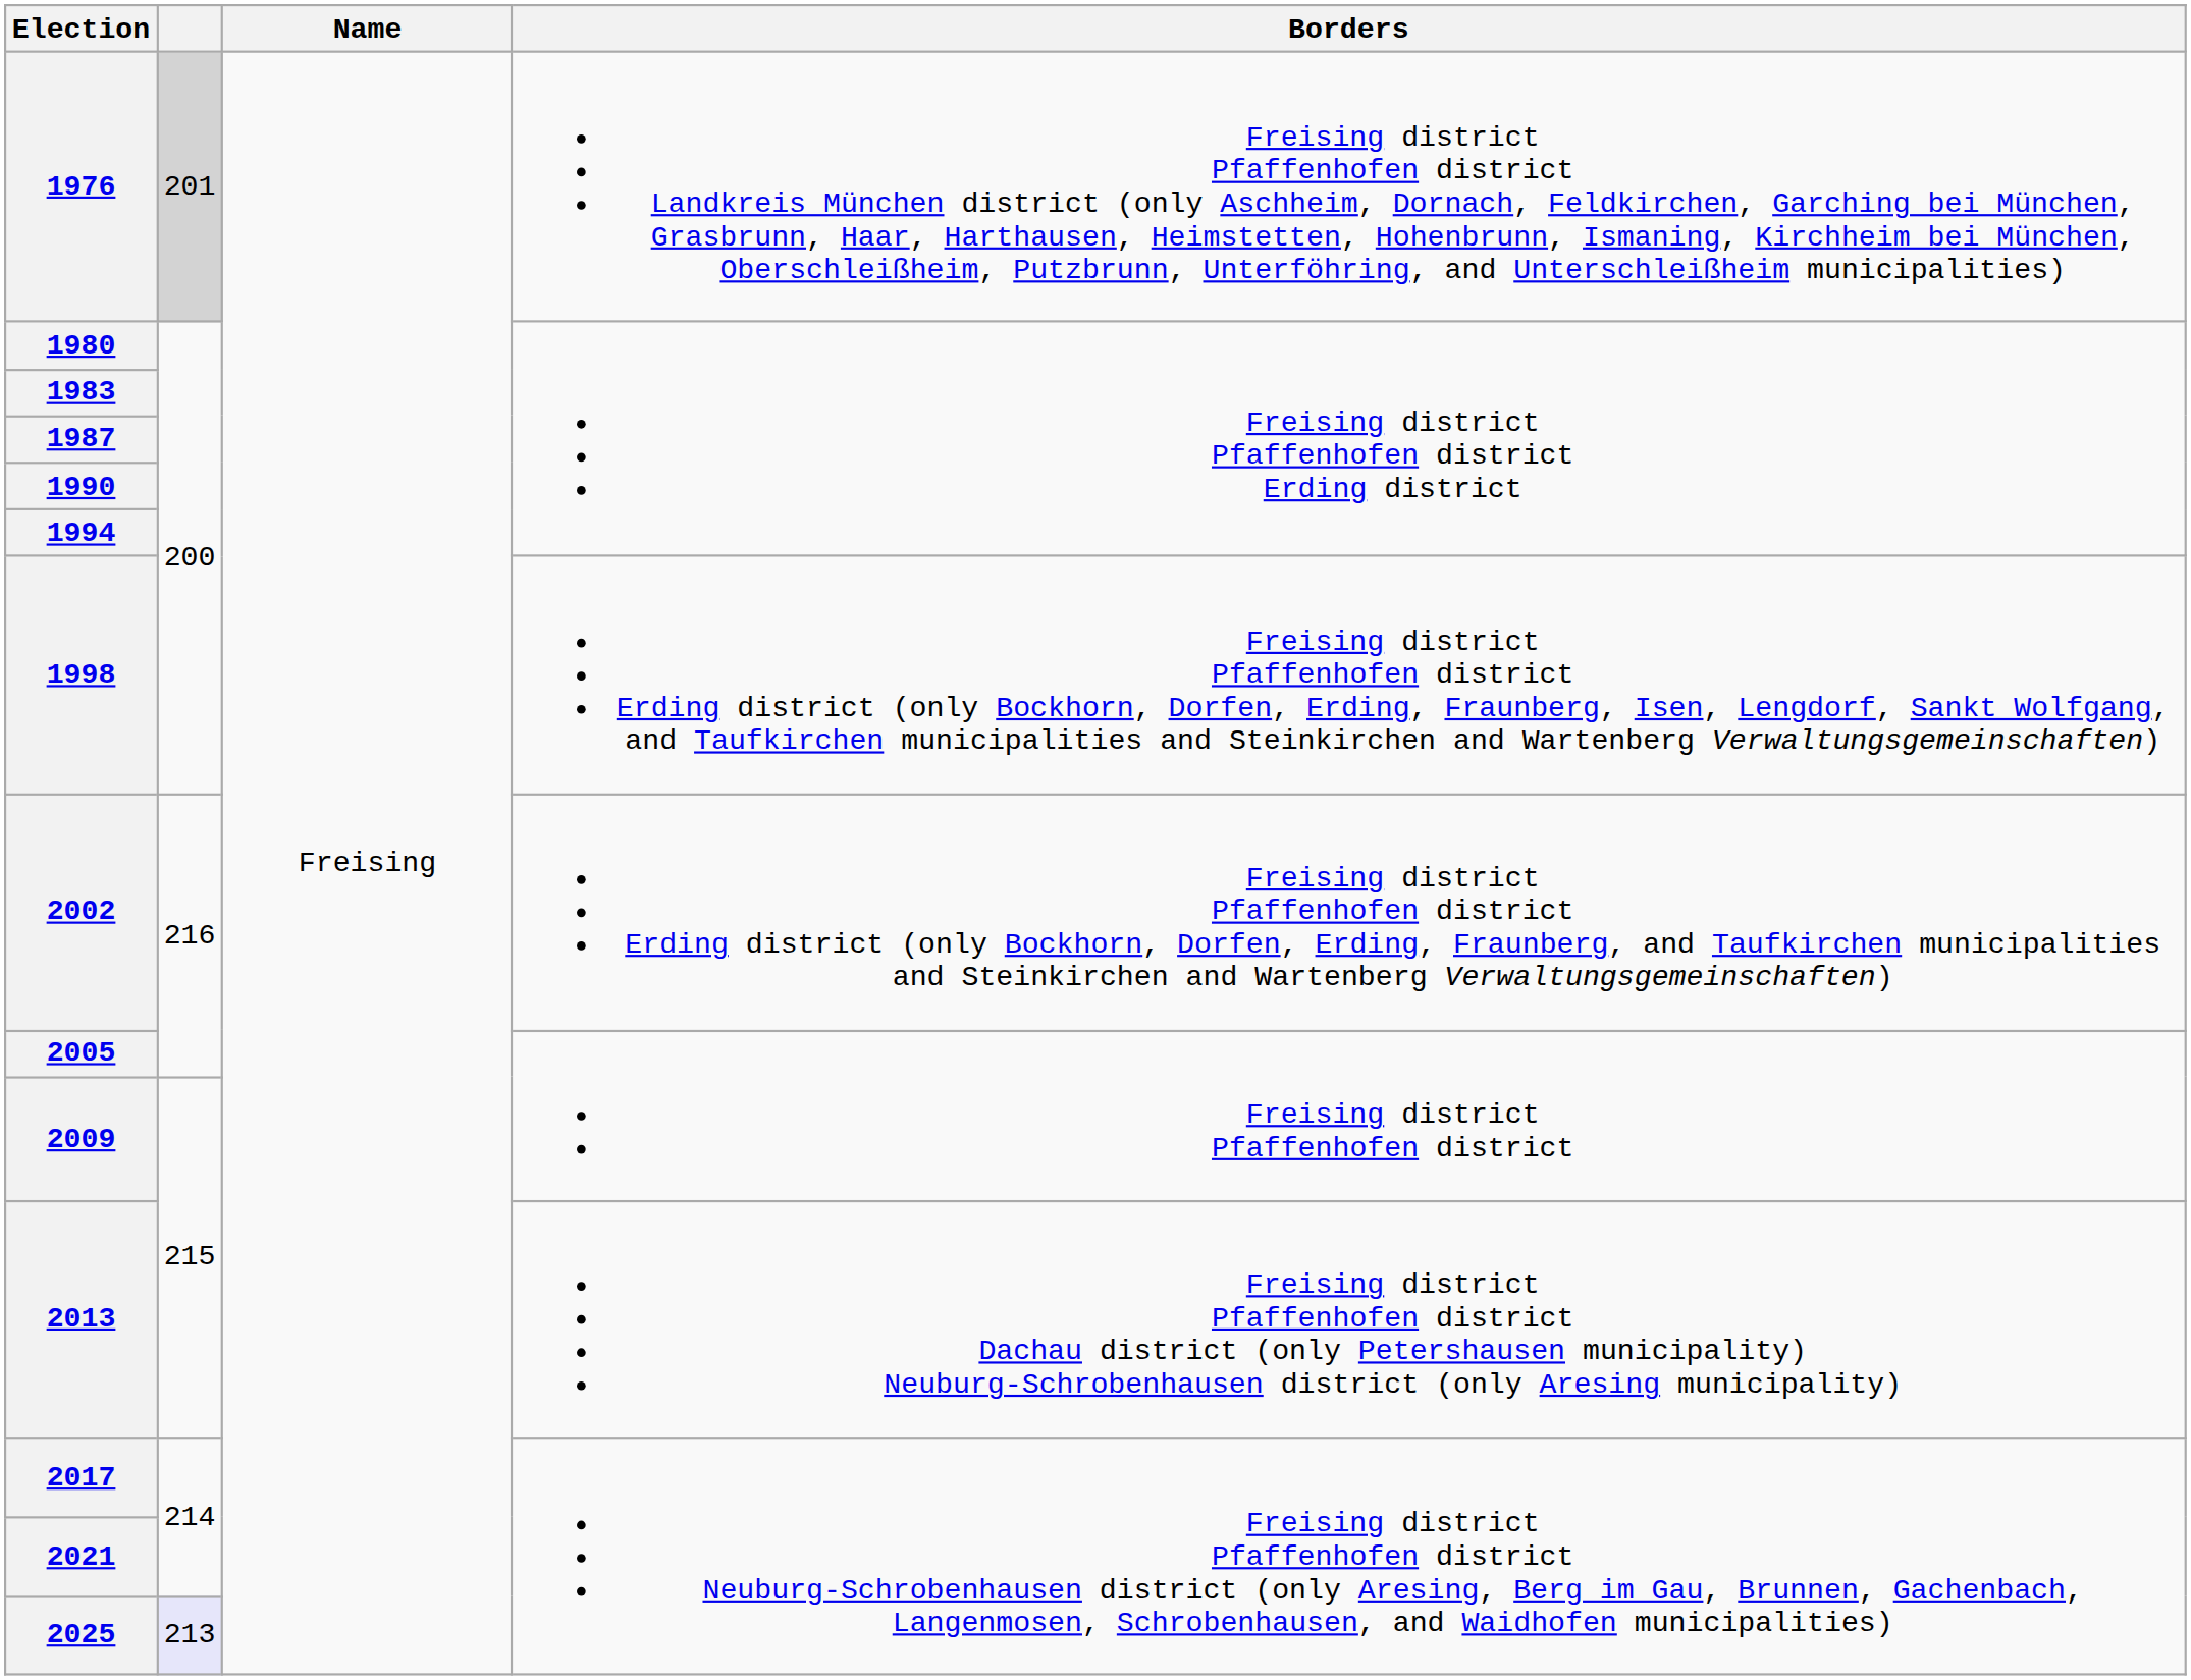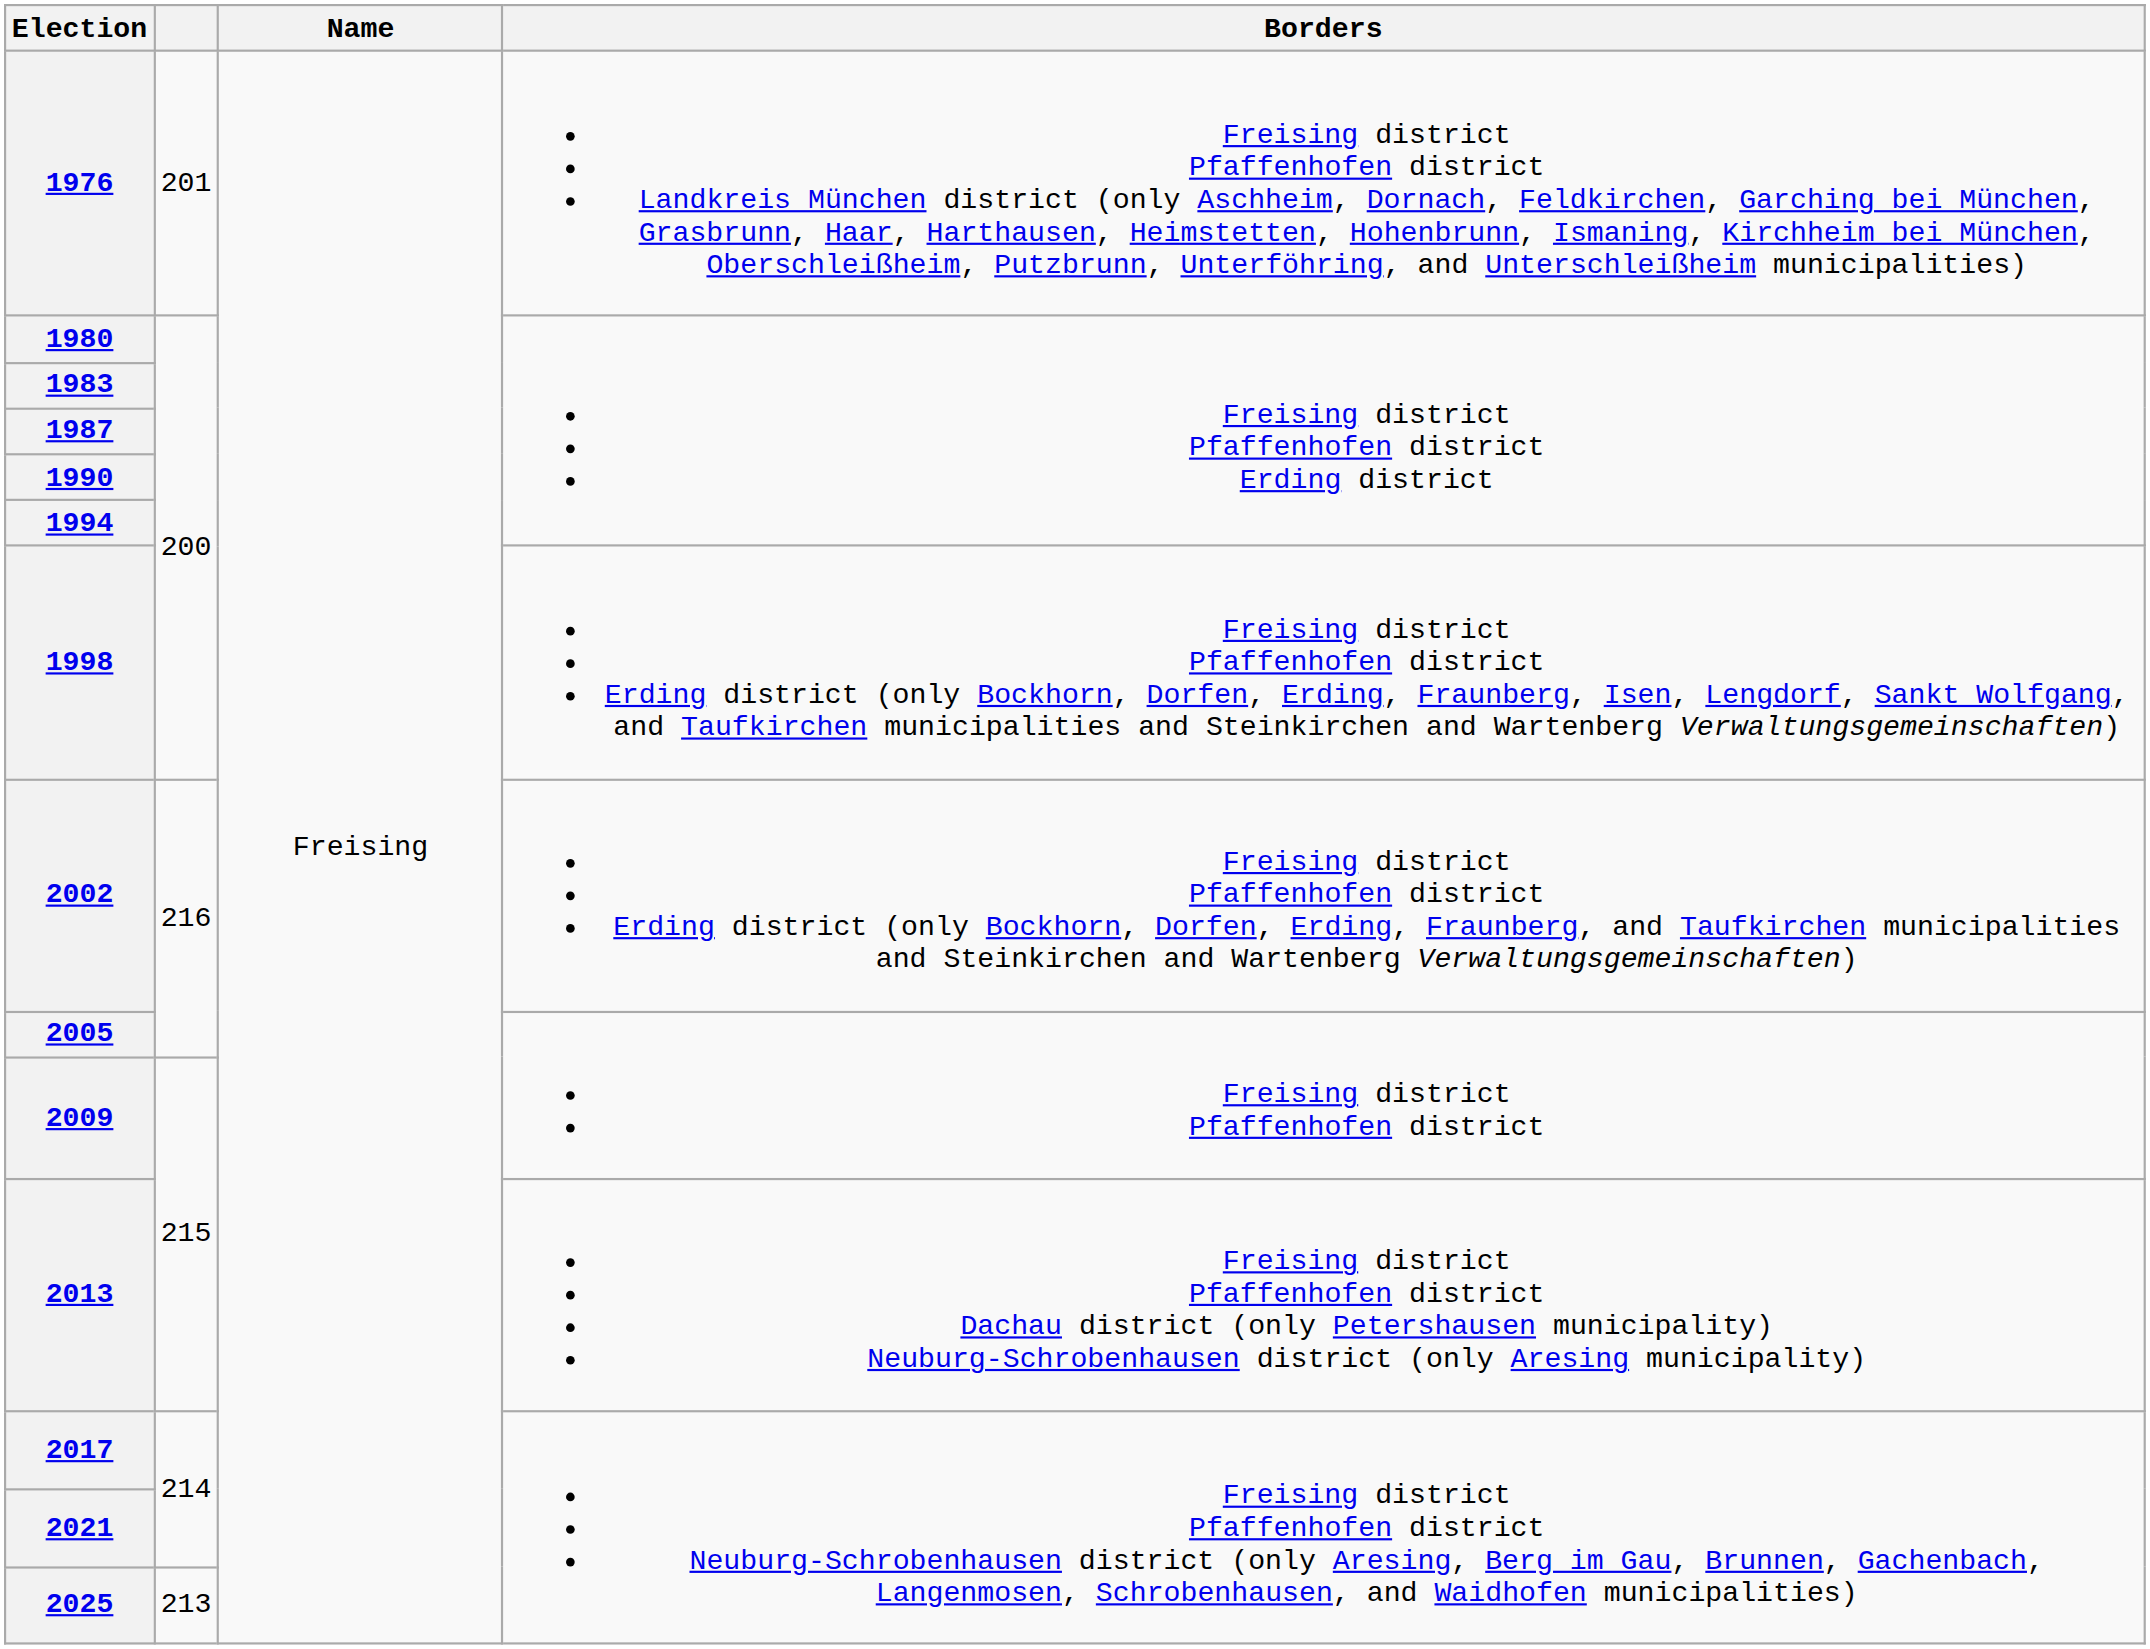 <table class=wikitable style="text-align:center">
 <tr>
 <th>Election</th>
 <th></th>
 <th width=125px>Name</th>
 <th width=750px>Borders</th>
 </tr>
 <tr>
 <th><a href='#'>1976</a></th>
-<td style="background: lightgrey;">201</td>
+<td>201</td>
 <td rowspan=14>Freising</td>
 <td><br><ul><li><a href='#'>Freising</a> district</li><li><a href='#'>Pfaffenhofen</a> district</li><li><a href='#'>Landkreis München</a> district (only <a href='#'>Aschheim</a>, <a href='#'>Dornach</a>, <a href='#'>Feldkirchen</a>, <a href='#'>Garching bei München</a>, <a href='#'>Grasbrunn</a>, <a href='#'>Haar</a>, <a href='#'>Harthausen</a>, <a href='#'>Heimstetten</a>, <a href='#'>Hohenbrunn</a>, <a href='#'>Ismaning</a>, <a href='#'>Kirchheim bei München</a>, <a href='#'>Oberschleißheim</a>, <a href='#'>Putzbrunn</a>, <a href='#'>Unterföhring</a>, and <a href='#'>Unterschleißheim</a> municipalities)</li></ul></td>
 </tr>
 <tr>
 <th><a href='#'>1980</a></th>
 <td rowspan=6>200</td>
 <td rowspan=5><br><ul><li><a href='#'>Freising</a> district</li><li><a href='#'>Pfaffenhofen</a> district</li><li><a href='#'>Erding</a> district</li></ul></td>
 </tr>
 <tr>
 <th><a href='#'>1983</a></th>
 </tr>
 <tr>
 <th><a href='#'>1987</a></th>
 </tr>
 <tr>
 <th><a href='#'>1990</a></th>
 </tr>
 <tr>
 <th><a href='#'>1994</a></th>
 </tr>
 <tr>
 <th><a href='#'>1998</a></th>
 <td><br><ul><li><a href='#'>Freising</a> district</li><li><a href='#'>Pfaffenhofen</a> district</li><li><a href='#'>Erding</a> district (only <a href='#'>Bockhorn</a>, <a href='#'>Dorfen</a>, <a href='#'>Erding</a>, <a href='#'>Fraunberg</a>, <a href='#'>Isen</a>, <a href='#'>Lengdorf</a>, <a href='#'>Sankt Wolfgang</a>, and <a href='#'>Taufkirchen</a> municipalities and Steinkirchen and Wartenberg <em>Verwaltungsgemeinschaften</em>)</li></ul></td>
 </tr>
 <tr>
 <th><a href='#'>2002</a></th>
 <td rowspan=2>216</td>
 <td><br><ul><li><a href='#'>Freising</a> district</li><li><a href='#'>Pfaffenhofen</a> district</li><li><a href='#'>Erding</a> district (only <a href='#'>Bockhorn</a>, <a href='#'>Dorfen</a>, <a href='#'>Erding</a>, <a href='#'>Fraunberg</a>, and <a href='#'>Taufkirchen</a> municipalities and Steinkirchen and Wartenberg <em>Verwaltungsgemeinschaften</em>)</li></ul></td>
 </tr>
 <tr>
 <th><a href='#'>2005</a></th>
 <td rowspan=2><br><ul><li><a href='#'>Freising</a> district</li><li><a href='#'>Pfaffenhofen</a> district</li></ul></td>
 </tr>
 <tr>
 <th><a href='#'>2009</a></th>
 <td rowspan=2>215</td>
 </tr>
 <tr>
 <th><a href='#'>2013</a></th>
 <td><br><ul><li><a href='#'>Freising</a> district</li><li><a href='#'>Pfaffenhofen</a> district</li><li><a href='#'>Dachau</a> district (only <a href='#'>Petershausen</a> municipality)</li><li><a href='#'>Neuburg-Schrobenhausen</a> district (only <a href='#'>Aresing</a> municipality)</li></ul></td>
 </tr>
 <tr>
 <th><a href='#'>2017</a></th>
 <td rowspan=2>214</td>
 <td rowspan=3><br><ul><li><a href='#'>Freising</a> district</li><li><a href='#'>Pfaffenhofen</a> district</li><li><a href='#'>Neuburg-Schrobenhausen</a> district (only <a href='#'>Aresing</a>, <a href='#'>Berg im Gau</a>, <a href='#'>Brunnen</a>, <a href='#'>Gachenbach</a>, <a href='#'>Langenmosen</a>, <a href='#'>Schrobenhausen</a>, and <a href='#'>Waidhofen</a> municipalities)</li></ul></td>
 </tr>
 <tr>
 <th><a href='#'>2021</a></th>
 </tr>
 <tr>
 <th><a href='#'>2025</a></th>
-<td style="background: lavender;">213</td>
+<td>213</td>
 </tr>
 </table>
